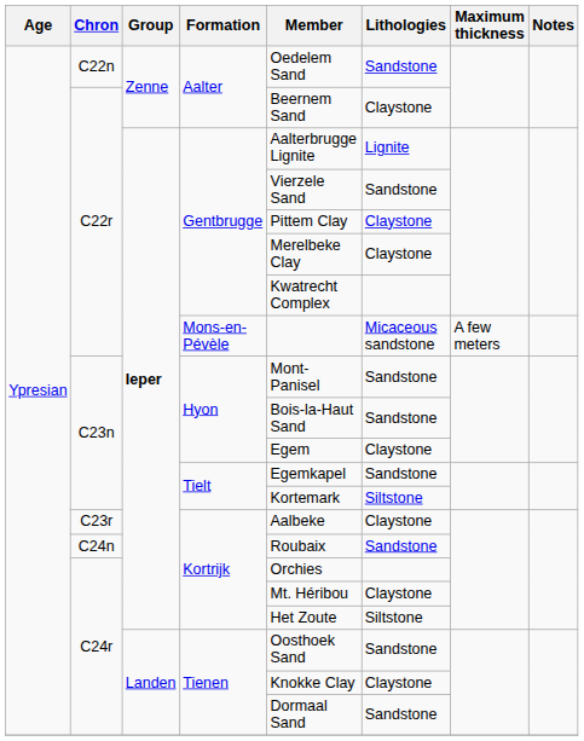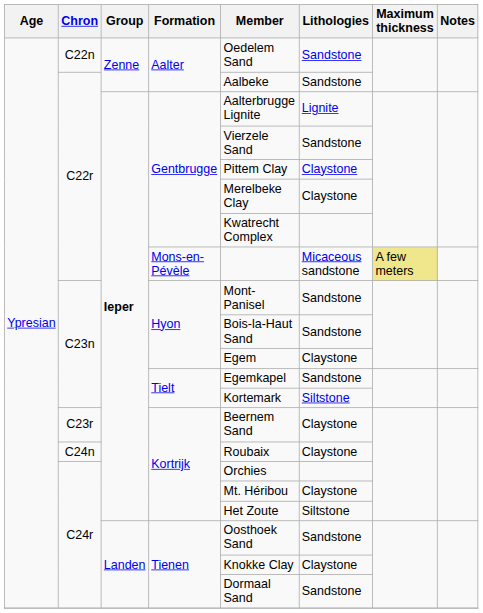 <table class="wikitable sortable">
 <tr>
 <th>Age</th>
 <th><a href='#'>Chron</a></th>
 <th>Group</th>
 <th>Formation</th>
 <th>Member</th>
 <th>Lithologies</th>
 <th>Maximum thickness</th>
 <th>Notes</th>
 </tr>
 <tr>
 <td rowspan=21 style="background-color: "><a href='#'>Ypresian</a></td>
 <td align=center>C22n</td>
 <td rowspan=2><a href='#'>Zenne</a></td>
 <td rowspan=2><a href='#'>Aalter</a></td>
 <td>Oedelem Sand</td>
 <td><a href='#'>Sandstone</a></td>
 <td rowspan=2></td>
 <td rowspan=2 align=center></td>
 </tr>
 <tr>
 <td rowspan=7 align=center>C22r</td>
-<td>Beernem Sand</td>
-<td>Claystone</td>
+<td>Aalbeke</td>
+<td>Sandstone</td>
 </tr>
 <tr>
 <td rowspan=16><strong>Ieper</strong></td>
 <td rowspan=5><a href='#'>Gentbrugge</a></td>
 <td>Aalterbrugge Lignite</td>
 <td><a href='#'>Lignite</a></td>
 <td rowspan=5></td>
 <td rowspan=5 align=center></td>
 </tr>
 <tr>
 <td>Vierzele Sand</td>
 <td>Sandstone</td>
 </tr>
 <tr>
 <td>Pittem Clay</td>
 <td><a href='#'>Claystone</a></td>
 </tr>
 <tr>
 <td>Merelbeke Clay</td>
 <td>Claystone</td>
 </tr>
 <tr>
 <td>Kwatrecht Complex</td>
 </tr>
 <tr>
 <td><a href='#'>Mons-en-Pévèle</a></td>
 <td></td>
 <td><a href='#'>Micaceous</a> sandstone</td>
-<td>A few meters</td>
+<td style="background: khaki;">A few meters</td>
 <td align=center></td>
 </tr>
 <tr>
 <td rowspan=5 align=center>C23n</td>
 <td rowspan=3><a href='#'>Hyon</a></td>
 <td>Mont-Panisel</td>
 <td>Sandstone</td>
 <td rowspan=3></td>
 <td rowspan=3 align=center></td>
 </tr>
 <tr>
 <td>Bois-la-Haut Sand</td>
 <td>Sandstone</td>
 </tr>
 <tr>
 <td>Egem</td>
 <td>Claystone</td>
 </tr>
 <tr>
 <td rowspan=2><a href='#'>Tielt</a></td>
 <td>Egemkapel</td>
 <td>Sandstone</td>
 <td rowspan=2></td>
 <td rowspan=2 align=center></td>
 </tr>
 <tr>
 <td>Kortemark</td>
 <td><a href='#'>Siltstone</a></td>
 </tr>
 <tr>
 <td align=center>C23r</td>
 <td rowspan=5><a href='#'>Kortrijk</a></td>
-<td>Aalbeke</td>
+<td>Beernem Sand</td>
 <td>Claystone</td>
 <td rowspan=5></td>
 <td rowspan=5 align=center></td>
 </tr>
 <tr>
 <td align=center>C24n</td>
 <td>Roubaix</td>
-<td><a href='#'>Sandstone</a></td>
+<td>Claystone</td>
 </tr>
 <tr>
 <td rowspan=6 align=center>C24r</td>
 <td>Orchies</td>
 </tr>
 <tr>
 <td>Mt. Héribou</td>
 <td>Claystone</td>
 </tr>
 <tr>
 <td>Het Zoute</td>
 <td>Siltstone</td>
 </tr>
 <tr>
 <td rowspan=3><a href='#'>Landen</a></td>
 <td rowspan=3><a href='#'>Tienen</a></td>
 <td>Oosthoek Sand</td>
 <td>Sandstone</td>
 <td rowspan=3></td>
 <td rowspan=3 align=center></td>
 </tr>
 <tr>
 <td>Knokke Clay</td>
 <td>Claystone</td>
 </tr>
 <tr>
 <td>Dormaal Sand</td>
 <td>Sandstone</td>
 </tr>
 <tr>
 </tr>
 </table>
